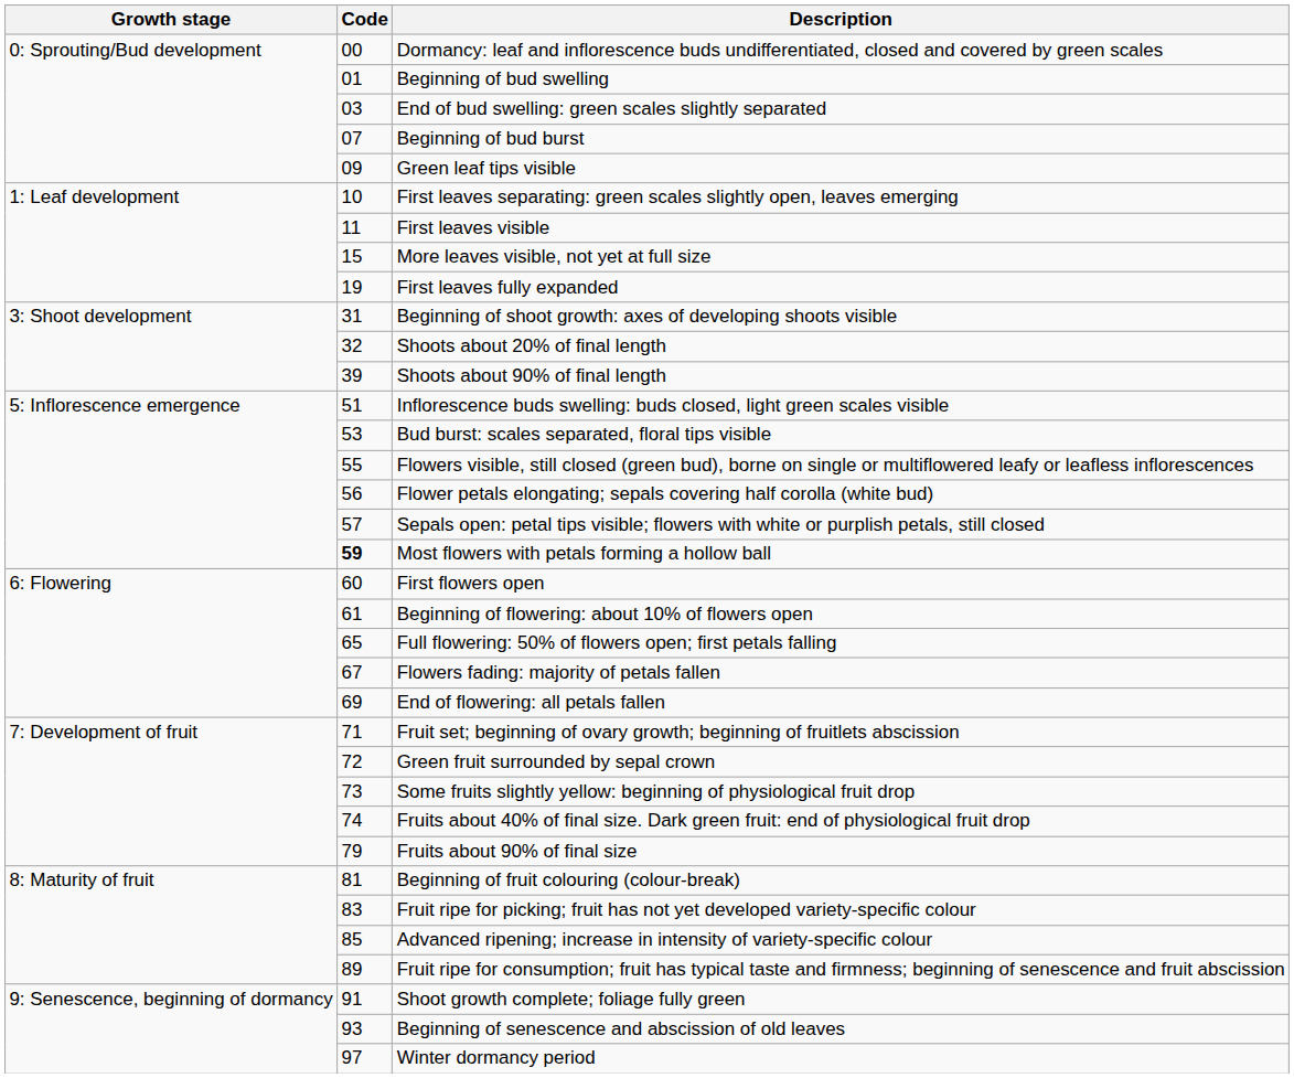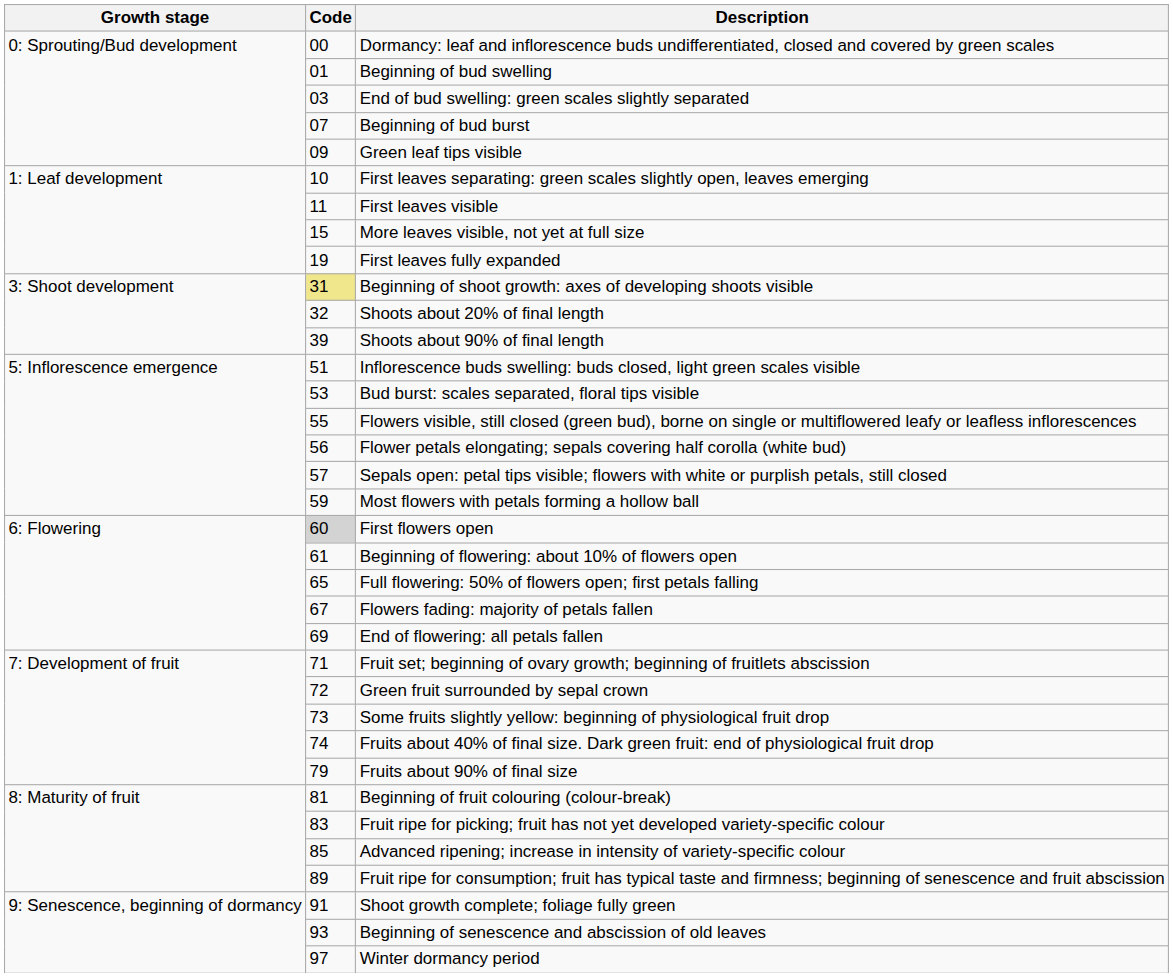 <table class="wikitable" style="clear">
 <tr>
 <th>Growth stage</th>
 <th>Code</th>
 <th>Description</th>
 </tr>
 <tr>
 <td rowspan="5" style="vertical-align:top">0: Sprouting/Bud development</td>
 <td>00</td>
 <td>Dormancy: leaf and inflorescence buds undifferentiated, closed and covered by green scales</td>
 </tr>
 <tr>
 <td>01</td>
 <td>Beginning of bud swelling</td>
 </tr>
 <tr>
 <td>03</td>
 <td>End of bud swelling: green scales slightly separated</td>
 </tr>
 <tr>
 <td>07</td>
 <td>Beginning of bud burst</td>
 </tr>
 <tr>
 <td>09</td>
 <td>Green leaf tips visible</td>
 </tr>
 <tr>
 <td rowspan="4" style="vertical-align:top">1: Leaf development</td>
 <td>10</td>
 <td>First leaves separating: green scales slightly open, leaves emerging</td>
 </tr>
 <tr>
 <td>11</td>
 <td>First leaves visible</td>
 </tr>
 <tr>
 <td>15</td>
 <td>More leaves visible, not yet at full size</td>
 </tr>
 <tr>
 <td>19</td>
 <td>First leaves fully expanded</td>
 </tr>
 <tr>
 <td rowspan="3" style="vertical-align:top">3: Shoot development</td>
-<td>31</td>
+<td style="background: khaki;">31</td>
 <td>Beginning of shoot growth: axes of developing shoots visible</td>
 </tr>
 <tr>
 <td>32</td>
 <td>Shoots about 20% of final length</td>
 </tr>
 <tr>
 <td>39</td>
 <td>Shoots about 90% of final length</td>
 </tr>
 <tr>
 <td rowspan="6" style="vertical-align:top">5: Inflorescence emergence</td>
 <td>51</td>
 <td>Inflorescence buds swelling: buds closed, light green scales visible</td>
 </tr>
 <tr>
 <td>53</td>
 <td>Bud burst: scales separated, floral tips visible</td>
 </tr>
 <tr>
 <td>55</td>
 <td>Flowers visible, still closed (green bud), borne on single or multiflowered leafy or leafless inflorescences</td>
 </tr>
 <tr>
 <td>56</td>
 <td>Flower petals elongating; sepals covering half corolla (white bud)</td>
 </tr>
 <tr>
 <td>57</td>
 <td>Sepals open: petal tips visible; flowers with white or purplish petals, still closed</td>
 </tr>
 <tr>
-<td><strong>59</strong></td>
+<td>59</td>
 <td>Most flowers with petals forming a hollow ball</td>
 </tr>
 <tr>
 <td rowspan="5" style="vertical-align:top">6: Flowering</td>
-<td>60</td>
+<td style="background: lightgrey;">60</td>
 <td>First flowers open</td>
 </tr>
 <tr>
 <td>61</td>
 <td>Beginning of flowering: about 10% of flowers open</td>
 </tr>
 <tr>
 <td>65</td>
 <td>Full flowering: 50% of flowers open; first petals falling</td>
 </tr>
 <tr>
 <td>67</td>
 <td>Flowers fading: majority of petals fallen</td>
 </tr>
 <tr>
 <td>69</td>
 <td>End of flowering: all petals fallen</td>
 </tr>
 <tr>
 <td rowspan="5" style="vertical-align:top">7: Development of fruit</td>
 <td>71</td>
 <td>Fruit set; beginning of ovary growth; beginning of fruitlets abscission</td>
 </tr>
 <tr>
 <td>72</td>
 <td>Green fruit surrounded by sepal crown</td>
 </tr>
 <tr>
 <td>73</td>
 <td>Some fruits slightly yellow: beginning of physiological fruit drop</td>
 </tr>
 <tr>
 <td>74</td>
 <td>Fruits about 40% of final size. Dark green fruit: end of physiological fruit drop</td>
 </tr>
 <tr>
 <td>79</td>
 <td>Fruits about 90% of final size</td>
 </tr>
 <tr>
 <td rowspan="4" style="vertical-align:top">8: Maturity of fruit</td>
 <td>81</td>
 <td>Beginning of fruit colouring (colour-break)</td>
 </tr>
 <tr>
 <td>83</td>
 <td>Fruit ripe for picking; fruit has not yet developed variety-specific colour</td>
 </tr>
 <tr>
 <td>85</td>
 <td>Advanced ripening; increase in intensity of variety-specific colour</td>
 </tr>
 <tr>
 <td>89</td>
 <td>Fruit ripe for consumption; fruit has typical taste and firmness; beginning of senescence and fruit abscission</td>
 </tr>
 <tr>
 <td rowspan="3" style="vertical-align:top">9: Senescence, beginning of dormancy</td>
 <td>91</td>
 <td>Shoot growth complete; foliage fully green</td>
 </tr>
 <tr>
 <td>93</td>
 <td>Beginning of senescence and abscission of old leaves</td>
 </tr>
 <tr>
 <td>97</td>
 <td>Winter dormancy period</td>
 </tr>
 <tr>
 </tr>
 </table>
